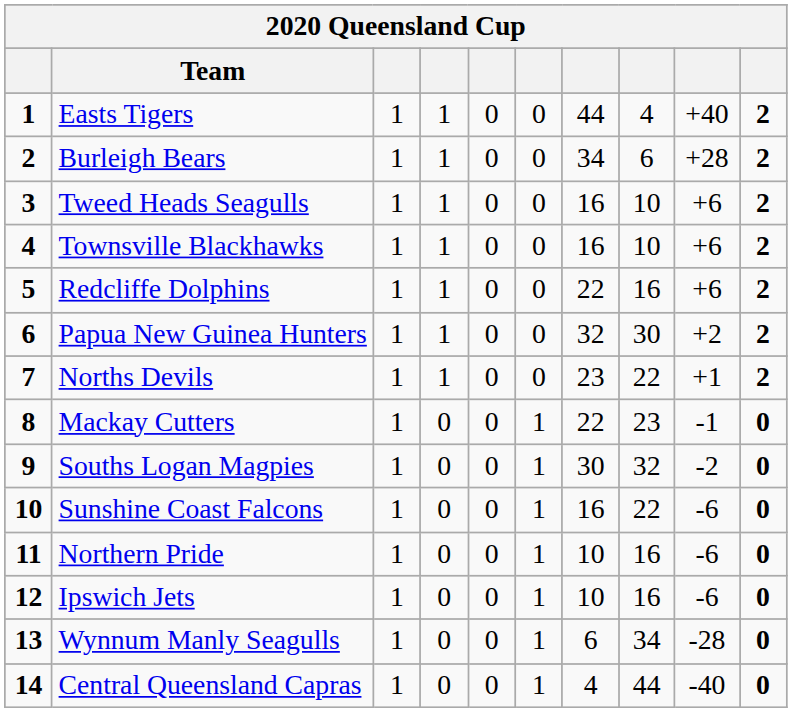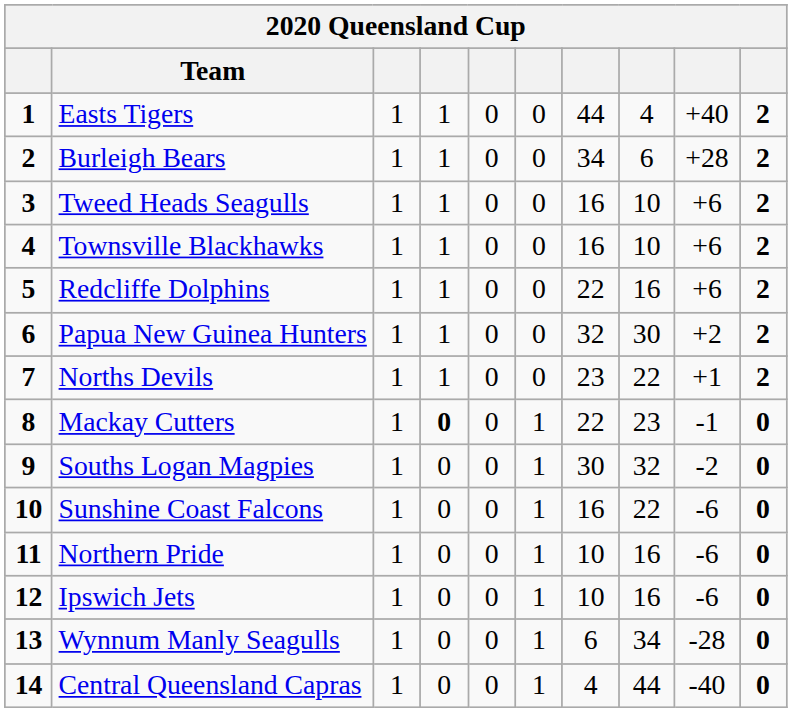 <table class="wikitable" style="text-align:center;">
 <tr>
 <th colspan="11">2020 Queensland Cup</th>
 </tr>
 <tr>
 <th width="20"></th>
 <th>Team</th>
 <th width="20"></th>
 <th width="20"></th>
 <th width="20"></th>
 <th width="20"></th>
 <th width="25"></th>
 <th width="25"></th>
 <th width="30"></th>
 <th width="20"></th>
 </tr>
 <tr>
 <td><strong>1</strong></td>
 <td style="text-align:left;"> <a href='#'>Easts Tigers</a></td>
 <td>1</td>
 <td>1</td>
 <td>0</td>
 <td>0</td>
 <td>44</td>
 <td>4</td>
 <td>+40</td>
 <td><strong>2</strong></td>
 </tr>
 <tr>
 <td><strong>2</strong></td>
 <td style="text-align:left;"> <a href='#'>Burleigh Bears</a></td>
 <td>1</td>
 <td>1</td>
 <td>0</td>
 <td>0</td>
 <td>34</td>
 <td>6</td>
 <td>+28</td>
 <td><strong>2</strong></td>
 </tr>
 <tr>
 <td><strong>3</strong></td>
 <td style="text-align:left;"> <a href='#'>Tweed Heads Seagulls</a></td>
 <td>1</td>
 <td>1</td>
 <td>0</td>
 <td>0</td>
 <td>16</td>
 <td>10</td>
 <td>+6</td>
 <td><strong>2</strong></td>
 </tr>
 <tr>
 <td><strong>4</strong></td>
 <td style="text-align:left;"> <a href='#'>Townsville Blackhawks</a></td>
 <td>1</td>
 <td>1</td>
 <td>0</td>
 <td>0</td>
 <td>16</td>
 <td>10</td>
 <td>+6</td>
 <td><strong>2</strong></td>
 </tr>
 <tr>
 <td><strong>5</strong></td>
 <td style="text-align:left;"> <a href='#'>Redcliffe Dolphins</a></td>
 <td>1</td>
 <td>1</td>
 <td>0</td>
 <td>0</td>
 <td>22</td>
 <td>16</td>
 <td>+6</td>
 <td><strong>2</strong></td>
 </tr>
 <tr>
 <td><strong>6</strong></td>
 <td style="text-align:left;"> <a href='#'>Papua New Guinea Hunters</a></td>
 <td>1</td>
 <td>1</td>
 <td>0</td>
 <td>0</td>
 <td>32</td>
 <td>30</td>
 <td>+2</td>
 <td><strong>2</strong></td>
 </tr>
 <tr>
 <td><strong>7</strong></td>
 <td style="text-align:left;"> <a href='#'>Norths Devils</a></td>
 <td>1</td>
 <td>1</td>
 <td>0</td>
 <td>0</td>
 <td>23</td>
 <td>22</td>
 <td>+1</td>
 <td><strong>2</strong></td>
 </tr>
 <tr>
 <td><strong>8</strong></td>
 <td style="text-align:left;"> <a href='#'>Mackay Cutters</a></td>
 <td>1</td>
-<td>0</td>
+<td><strong>0</strong></td>
 <td>0</td>
 <td>1</td>
 <td>22</td>
 <td>23</td>
 <td>-1</td>
 <td><strong>0</strong></td>
 </tr>
 <tr>
 <td><strong>9</strong></td>
 <td style="text-align:left;"> <a href='#'>Souths Logan Magpies</a></td>
 <td>1</td>
 <td>0</td>
 <td>0</td>
 <td>1</td>
 <td>30</td>
 <td>32</td>
 <td>-2</td>
 <td><strong>0</strong></td>
 </tr>
 <tr>
 <td><strong>10</strong></td>
 <td style="text-align:left;"> <a href='#'>Sunshine Coast Falcons</a></td>
 <td>1</td>
 <td>0</td>
 <td>0</td>
 <td>1</td>
 <td>16</td>
 <td>22</td>
 <td>-6</td>
 <td><strong>0</strong></td>
 </tr>
 <tr>
 <td><strong>11</strong></td>
 <td style="text-align:left;"> <a href='#'>Northern Pride</a></td>
 <td>1</td>
 <td>0</td>
 <td>0</td>
 <td>1</td>
 <td>10</td>
 <td>16</td>
 <td>-6</td>
 <td><strong>0</strong></td>
 </tr>
 <tr>
 <td><strong>12</strong></td>
 <td style="text-align:left;"> <a href='#'>Ipswich Jets</a></td>
 <td>1</td>
 <td>0</td>
 <td>0</td>
 <td>1</td>
 <td>10</td>
 <td>16</td>
 <td>-6</td>
 <td><strong>0</strong></td>
 </tr>
 <tr>
 <td><strong>13</strong></td>
 <td style="text-align:left;"> <a href='#'>Wynnum Manly Seagulls</a></td>
 <td>1</td>
 <td>0</td>
 <td>0</td>
 <td>1</td>
 <td>6</td>
 <td>34</td>
 <td>-28</td>
 <td><strong>0</strong></td>
 </tr>
 <tr>
 <td><strong>14</strong></td>
 <td style="text-align:left;"> <a href='#'>Central Queensland Capras</a></td>
 <td>1</td>
 <td>0</td>
 <td>0</td>
 <td>1</td>
 <td>4</td>
 <td>44</td>
 <td>-40</td>
 <td><strong>0</strong></td>
 </tr>
 </table>
